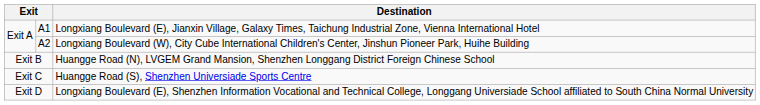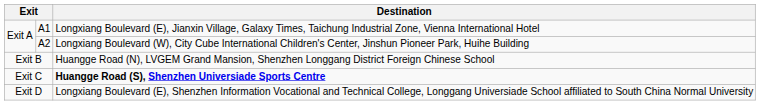 <table class="wikitable">
 <tr>
 <th style="width:70px" colspan=2>Exit</th>
 <th>Destination</th>
 </tr>
 <tr>
 <td align=center rowspan=2>Exit A</td>
 <td>A1</td>
 <td>Longxiang Boulevard (E), Jianxin Village, Galaxy Times, Taichung Industrial Zone, Vienna International Hotel</td>
 </tr>
 <tr>
 <td>A2</td>
 <td>Longxiang Boulevard (W), City Cube International Children's Center, Jinshun Pioneer Park, Huihe Building</td>
 </tr>
 <tr>
 <td align=center colspan=2>Exit B</td>
 <td>Huangge Road (N), LVGEM Grand Mansion, Shenzhen Longgang District Foreign Chinese School</td>
 </tr>
 <tr>
 <td align=center colspan=2>Exit C</td>
-<td>Huangge Road (S), <a href='#'>Shenzhen Universiade Sports Centre</a></td>
+<td><strong>Huangge Road (S), <a href='#'>Shenzhen Universiade Sports Centre</a></strong></td>
 </tr>
 <tr>
 <td align=center colspan=2>Exit D</td>
 <td>Longxiang Boulevard (E), Shenzhen Information Vocational and Technical College, Longgang Universiade School affiliated to South China Normal University</td>
 </tr>
 </table>
